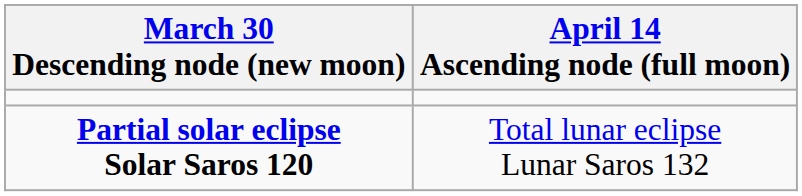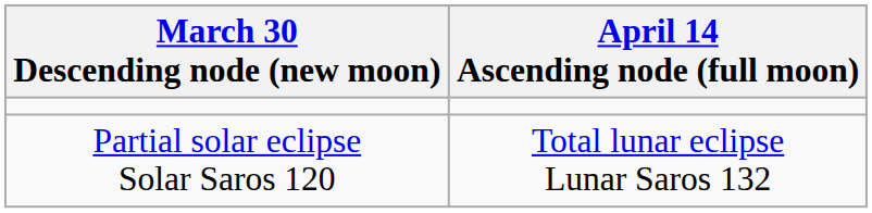 <table class="wikitable">
 <tr>
 <th><a href='#'>March 30</a><br>Descending node (new moon)<br></th>
 <th><a href='#'>April 14</a><br>Ascending node (full moon)<br></th>
 </tr>
 <tr>
 <td></td>
 <td></td>
 </tr>
 <tr align=center>
-<td><strong><a href='#'>Partial solar eclipse</a><br>Solar Saros 120</strong></td>
+<td><a href='#'>Partial solar eclipse</a><br>Solar Saros 120</td>
 <td><a href='#'>Total lunar eclipse</a><br>Lunar Saros 132</td>
 </tr>
 </table>
